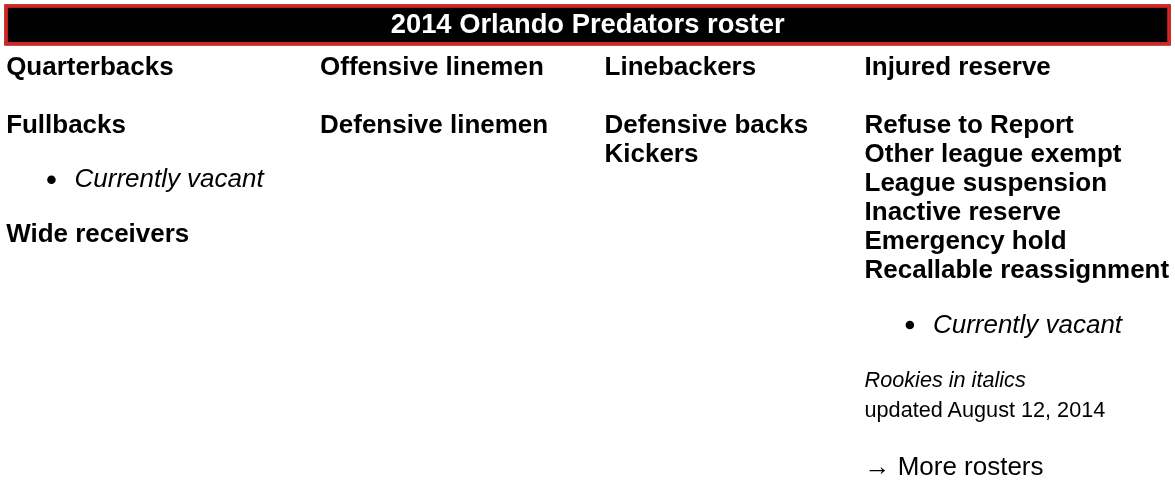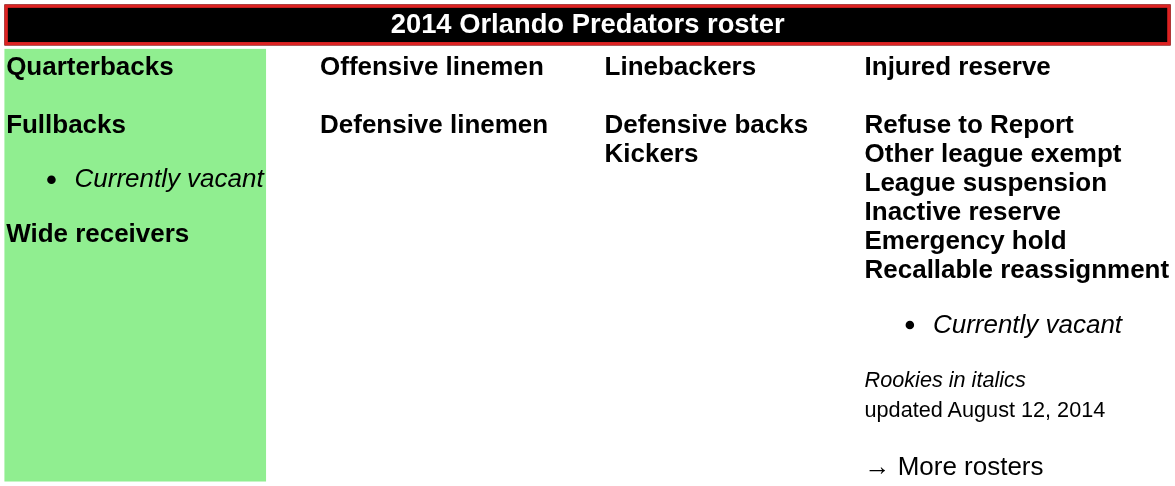 <table class="toccolours" style="text-align: left;">
 <tr>
 <th colspan=7 style="background:black; border: 2px solid #d22; color:white; text-align:center;"><strong>2014 Orlando Predators roster</strong></th>
 </tr>
 <tr>
-<td style="font-size: 95%;" valign="top"><strong>Quarterbacks</strong><br> <br><strong>Fullbacks</strong><ul><li><em>Currently vacant</em></li></ul><strong>Wide receivers</strong>     </td>
+<td style="background: lightgreen; font-size: 95%;" valign="top"><strong>Quarterbacks</strong><br> <br><strong>Fullbacks</strong><ul><li><em>Currently vacant</em></li></ul><strong>Wide receivers</strong>     </td>
 <td style="width: 25px;"></td>
 <td style="font-size: 95%;" valign="top"><strong>Offensive linemen</strong><br>    <br><strong>Defensive linemen</strong>    </td>
 <td style="width: 25px;"></td>
 <td style="font-size: 95%;" valign="top"><strong>Linebackers</strong><br> <br><strong>Defensive backs</strong>     <br><strong>Kickers</strong> </td>
 <td style="width: 25px;"></td>
 <td style="font-size: 95%;" valign="top"><strong>Injured reserve</strong><br> <br><strong>Refuse to Report</strong> <br><strong>Other league exempt</strong>    <br><strong>League suspension</strong>       <br><strong>Inactive reserve</strong> <br><strong>Emergency hold</strong> <br><strong>Recallable reassignment</strong><ul><li><em>Currently vacant</em></li></ul><small><em>Rookies in italics</em><br><span></span> updated August 12, 2014</small><br> <br>→ More rosters</td>
 </tr>
 <tr>
 </tr>
 </table>
